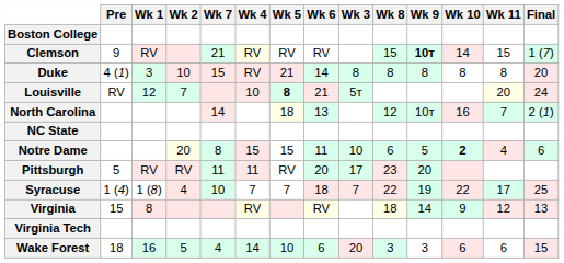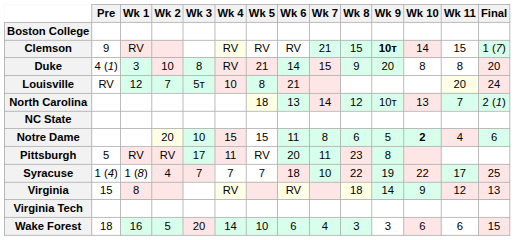 <table class="wikitable" style="white-space:nowrap;font-size:90%;">
 <tr>
 <th colspan=1 style="background:white; border-top-style:hidden; border-left-style:hidden;"> </th>
 <th>Pre <br></th>
 <th>Wk 1 <br></th>
 <th>Wk 2 <br></th>
-<th>Wk 7 <br></th>
+<th>Wk 3 <br></th>
 <th>Wk 4 <br></th>
 <th>Wk 5 <br></th>
 <th>Wk 6 <br></th>
-<th>Wk 3 <br></th>
+<th>Wk 7 <br></th>
 <th>Wk 8 <br></th>
 <th>Wk 9 <br></th>
 <th>Wk 10 <br></th>
 <th>Wk 11 <br></th>
 <th>Final <br></th>
 </tr>
 <tr style="text-align:center;">
 <th>Boston College</th>
 <td style="background:#FFF;"></td>
 <td style="background:#FFF;"></td>
 <td style="background:#FFF;"></td>
 <td style="background:#FFF;"></td>
 <td style="background:#FFF;"></td>
 <td style="background:#FFF;"></td>
 <td style="background:#FFF;"></td>
 <td style="background:#FFF;"></td>
 <td style="background:#FFF;"></td>
 <td style="background:#FFF;"></td>
 <td style="background:#FFF;"></td>
 <td style="background:#FFF;"></td>
 <td style="background:#FFF;"></td>
 </tr>
 <tr style="text-align:center;">
 <th>Clemson</th>
 <td style="background:#FFF;"> 9</td>
 <td style="background:#FFE6E6;"> RV</td>
 <td style="background:#FFE6E6;"></td>
-<td style="background:#D8FFEB;"> 21</td>
+<td style="background:#FFF;"></td>
 <td style="background:#FFFFE6;"> RV</td>
 <td style="background:#FFF;"> RV</td>
 <td style="background:#FFF;"> RV</td>
-<td style="background:#FFF;"></td>
+<td style="background:#D8FFEB;"> 21</td>
 <td style="background:#D8FFEB;"> 15</td>
 <td style="background:#D8FFEB;"><strong> 10т</strong></td>
 <td style="background:#FFE6E6;"> 14</td>
 <td style="background:#FFF;"> 15</td>
 <td style="background:#D8FFEB;"> 1 (<em>7</em>)</td>
 </tr>
 <tr style="text-align:center;">
 <th>Duke</th>
 <td style="background:#FFF;"> 4 (<em>1</em>)</td>
 <td style="background:#D8FFEB;"> 3</td>
 <td style="background:#FFE6E6;"> 10</td>
-<td style="background:#FFE6E6;"> 15</td>
+<td style="background:#D8FFEB;"> 8</td>
 <td style="background:#FFE6E6;"> RV</td>
 <td style="background:#FFE6E6;"> 21</td>
 <td style="background:#D8FFEB;"> 14</td>
-<td style="background:#D8FFEB;"> 8</td>
-<td style="background:#D8FFEB;"> 8</td>
-<td style="background:#D8FFEB;"> 8</td>
+<td style="background:#FFE6E6;"> 15</td>
+<td style="background:#D8FFEB;"> 9</td>
+<td style="background:#D8FFEB;"> 20</td>
 <td style="background:#FFF;"> 8</td>
 <td style="background:#FFF;"> 8</td>
 <td style="background:#FFE6E6;"> 20</td>
 </tr>
 <tr style="text-align:center;">
 <th>Louisville</th>
 <td style="background:#FFF;"> RV</td>
 <td style="background:#D8FFEB;"> 12</td>
 <td style="background:#D8FFEB;"> 7</td>
+<td style="background:#D8FFEB;"> 5т</td>
+<td style="background:#FFE6E6;"> 10</td>
+<td style="background:#D8FFEB;"> 8</td>
+<td style="background:#FFE6E6;"> 21</td>
 <td style="background:#FFE6E6;"></td>
-<td style="background:#FFE6E6;"> 10</td>
-<td style="background:#D8FFEB;"><strong> 8</strong></td>
-<td style="background:#FFE6E6;"> 21</td>
-<td style="background:#D8FFEB;"> 5т</td>
 <td style="background:#FFF;"></td>
 <td style="background:#FFF;"></td>
 <td style="background:#FFF;"></td>
 <td style="background:#FFFFE6;"> 20</td>
 <td style="background:#FFE6E6;"> 24</td>
 </tr>
 <tr style="text-align:center;">
 <th>North Carolina</th>
 <td style="background:#FFF;"></td>
 <td style="background:#FFF;"></td>
 <td style="background:#FFF;"></td>
-<td style="background:#FFE6E6;"> 14</td>
+<td style="background:#FFF;"></td>
 <td style="background:#FFF;"></td>
 <td style="background:#FFFFE6;"> 18</td>
 <td style="background:#D8FFEB;"> 13</td>
-<td style="background:#FFF;"></td>
+<td style="background:#FFE6E6;"> 14</td>
 <td style="background:#D8FFEB;"> 12</td>
 <td style="background:#D8FFEB;"> 10т</td>
-<td style="background:#FFE6E6;"> 16</td>
+<td style="background:#FFE6E6;"> 13</td>
 <td style="background:#D8FFEB;"> 7</td>
 <td style="background:#D8FFEB;"> 2 (<em>1</em>)</td>
 </tr>
 <tr style="text-align:center;">
 <th>NC State</th>
 <td style="background:#FFF;"></td>
 <td style="background:#FFF;"></td>
 <td style="background:#FFF;"></td>
 <td style="background:#FFF;"></td>
 <td style="background:#FFF;"></td>
 <td style="background:#FFF;"></td>
 <td style="background:#FFF;"></td>
 <td style="background:#FFF;"></td>
 <td style="background:#FFF;"></td>
 <td style="background:#FFF;"></td>
 <td style="background:#FFF;"></td>
 <td style="background:#FFF;"></td>
 <td style="background:#FFF;"></td>
 </tr>
 <tr style="text-align:center;">
 <th>Notre Dame</th>
 <td style="background:#FFF;"></td>
 <td style="background:#FFF;"></td>
 <td style="background:#FFFFE6;"> 20</td>
-<td style="background:#D8FFEB;"> 8</td>
+<td style="background:#D8FFEB;"> 10</td>
 <td style="background:#FFE6E6;"> 15</td>
 <td style="background:#FFF;"> 15</td>
 <td style="background:#D8FFEB;"> 11</td>
-<td style="background:#D8FFEB;"> 10</td>
+<td style="background:#D8FFEB;"> 8</td>
 <td style="background:#D8FFEB;"> 6</td>
 <td style="background:#D8FFEB;"> 5</td>
 <td style="background:#D8FFEB;"><strong> 2</strong></td>
 <td style="background:#FFE6E6;"> 4</td>
 <td style="background:#D8FFEB;"> 6</td>
 </tr>
 <tr style="text-align:center;">
 <th>Pittsburgh</th>
 <td style="background:#FFF;"> 5</td>
 <td style="background:#FFE6E6;"> RV</td>
 <td style="background:#FFE6E6;"> RV</td>
-<td style="background:#D8FFEB;"> 11</td>
+<td style="background:#D8FFEB;"> 17</td>
 <td style="background:#FFE6E6;"> 11</td>
 <td style="background:#FFF;"> RV</td>
 <td style="background:#D8FFEB;"> 20</td>
-<td style="background:#D8FFEB;"> 17</td>
+<td style="background:#D8FFEB;"> 11</td>
 <td style="background:#FFE6E6;"> 23</td>
-<td style="background:#D8FFEB;"> 20</td>
+<td style="background:#D8FFEB;"> 8</td>
 <td style="background:#FFE6E6;"></td>
 <td style="background:#FFF;"></td>
 <td style="background:#FFF;"></td>
 </tr>
 <tr style="text-align:center;">
 <th>Syracuse</th>
 <td style="background:#FFF;"> 1 (<em>4</em>)</td>
 <td style="background:#FFF;"> 1 (<em>8</em>)</td>
 <td style="background:#FFE6E6;"> 4</td>
-<td style="background:#D8FFEB;"> 10</td>
+<td style="background:#FFE6E6;"> 7</td>
 <td style="background:#FFF;"> 7</td>
 <td style="background:#FFF;"> 7</td>
 <td style="background:#FFE6E6;"> 18</td>
-<td style="background:#FFE6E6;"> 7</td>
+<td style="background:#D8FFEB;"> 10</td>
 <td style="background:#FFE6E6;"> 22</td>
 <td style="background:#D8FFEB;"> 19</td>
 <td style="background:#FFE6E6;"> 22</td>
 <td style="background:#D8FFEB;"> 17</td>
 <td style="background:#FFE6E6;"> 25</td>
 </tr>
 <tr style="text-align:center;">
 <th>Virginia</th>
 <td style="background:#FFF;"> 15</td>
 <td style="background:#FFE6E6;"> 8</td>
 <td style="background:#FFE6E6;"></td>
+<td style="background:#FFF;"></td>
+<td style="background:#FFFFE6;"> RV</td>
 <td style="background:#FFE6E6;"></td>
 <td style="background:#FFFFE6;"> RV</td>
 <td style="background:#FFE6E6;"></td>
-<td style="background:#FFFFE6;"> RV</td>
-<td style="background:#FFF;"></td>
 <td style="background:#FFFFE6;"> 18</td>
 <td style="background:#D8FFEB;"> 14</td>
 <td style="background:#D8FFEB;"> 9</td>
 <td style="background:#FFE6E6;"> 12</td>
 <td style="background:#FFE6E6;"> 13</td>
 </tr>
 <tr style="text-align:center;">
 <th>Virginia Tech</th>
 <td style="background:#FFF;"></td>
 <td style="background:#FFF;"></td>
 <td style="background:#FFF;"></td>
 <td style="background:#FFF;"></td>
 <td style="background:#FFF;"></td>
 <td style="background:#FFF;"></td>
 <td style="background:#FFF;"></td>
 <td style="background:#FFF;"></td>
 <td style="background:#FFF;"></td>
 <td style="background:#FFF;"></td>
 <td style="background:#FFF;"></td>
 <td style="background:#FFF;"></td>
 <td style="background:#FFF;"></td>
 </tr>
 <tr style="text-align:center;">
 <th>Wake Forest</th>
 <td style="background:#FFF;"> 18</td>
 <td style="background:#D8FFEB;"> 16</td>
 <td style="background:#D8FFEB;"> 5</td>
-<td style="background:#D8FFEB;"> 4</td>
+<td style="background:#FFE6E6;"> 20</td>
 <td style="background:#D8FFEB;"> 14</td>
 <td style="background:#D8FFEB;"> 10</td>
 <td style="background:#D8FFEB;"> 6</td>
-<td style="background:#FFE6E6;"> 20</td>
+<td style="background:#D8FFEB;"> 4</td>
 <td style="background:#D8FFEB;"> 3</td>
 <td style="background:#FFF;"> 3</td>
 <td style="background:#FFE6E6;"> 6</td>
 <td style="background:#FFF;"> 6</td>
 <td style="background:#FFE6E6;"> 15</td>
 </tr>
 </table>
